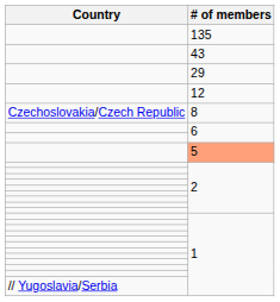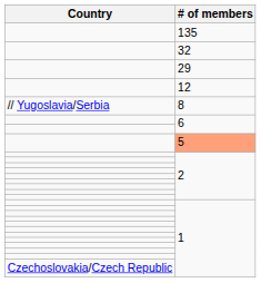 <table class="wikitable">
 <tr>
 <th>Country</th>
 <th># of members</th>
 </tr>
 <tr>
 <td></td>
 <td>135</td>
 </tr>
 <tr>
 <td></td>
-<td>43</td>
+<td>32</td>
 </tr>
 <tr>
 <td></td>
 <td>29</td>
 </tr>
 <tr>
 <td></td>
 <td>12</td>
 </tr>
 <tr>
-<td> <a href='#'>Czechoslovakia</a>/<a href='#'>Czech Republic</a></td>
+<td>// <a href='#'>Yugoslavia</a>/<a href='#'>Serbia</a></td>
 <td>8</td>
 </tr>
 <tr>
 <td></td>
 <td rowspan="2">6</td>
 </tr>
 <tr>
 <td></td>
 </tr>
 <tr>
 <td></td>
 <td style="background: lightsalmon;">5</td>
 </tr>
 <tr>
 <td></td>
 <td rowspan="9">2</td>
 </tr>
 <tr>
 <td></td>
 </tr>
 <tr>
 <td></td>
 </tr>
 <tr>
 <td></td>
 </tr>
 <tr>
 <td></td>
 </tr>
 <tr>
 <td></td>
 </tr>
 <tr>
 <td></td>
 </tr>
 <tr>
 <td></td>
 </tr>
 <tr>
 <td></td>
 </tr>
 <tr>
 <td></td>
 <td rowspan="12">1</td>
 </tr>
 <tr>
 <td></td>
 </tr>
 <tr>
 <td></td>
 </tr>
 <tr>
 <td></td>
 </tr>
 <tr>
 <td></td>
 </tr>
 <tr>
 <td></td>
 </tr>
 <tr>
 <td></td>
 </tr>
 <tr>
 <td></td>
 </tr>
 <tr>
 <td></td>
 </tr>
 <tr>
 <td></td>
 </tr>
 <tr>
 <td></td>
 </tr>
 <tr>
-<td>// <a href='#'>Yugoslavia</a>/<a href='#'>Serbia</a></td>
+<td> <a href='#'>Czechoslovakia</a>/<a href='#'>Czech Republic</a></td>
 </tr>
 </table>
